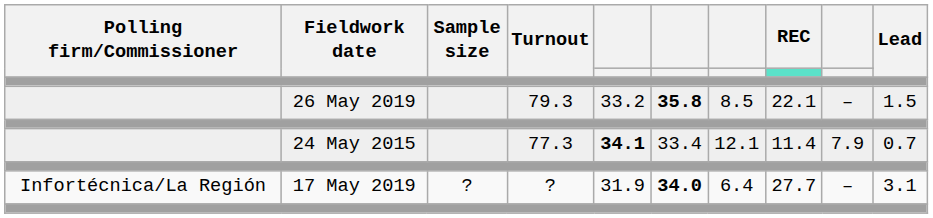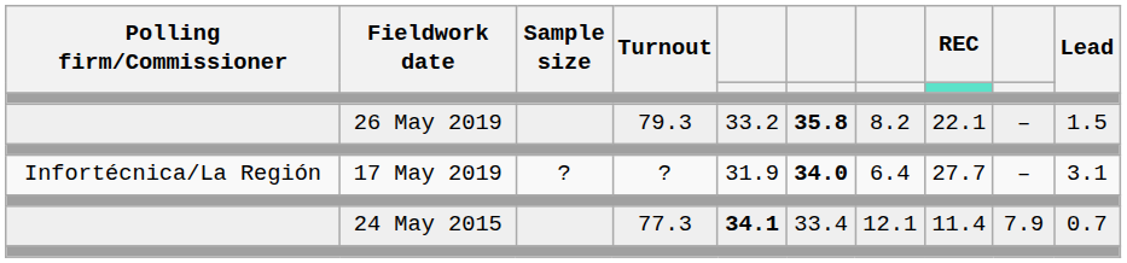 <table class="wikitable collapsible collapsed" style="text-align:center; font-size:95%; line-height:16px;">
 <tr style="height:42px;">
 <th style="width:250px;" rowspan="2">Polling firm/Commissioner</th>
 <th style="width:125px;" rowspan="2">Fieldwork date</th>
 <th style="width:50px;" rowspan="2">Sample size</th>
 <th style="width:45px;" rowspan="2">Turnout</th>
 <th style="width:35px;"></th>
 <th style="width:35px;"></th>
 <th style="width:35px;"></th>
 <th style="width:35px;">REC</th>
 <th style="width:35px;"></th>
 <th style="width:30px;" rowspan="2">Lead</th>
 </tr>
 <tr>
 <th style="color:inherit;background:"></th>
 <th style="color:inherit;background:"></th>
 <th style="color:inherit;background:"></th>
 <th style="color:inherit;background:#5BE2C9;"></th>
 <th style="color:inherit;background:"></th>
 </tr>
 <tr>
 <td colspan="10" style="background:#A0A0A0"></td>
 </tr>
 <tr style="background:#EFEFEF;">
 <td><strong></strong></td>
 <td>26 May 2019</td>
 <td></td>
 <td>79.3</td>
 <td>33.2<br></td>
 <td><strong>35.8</strong><br></td>
-<td>8.5<br></td>
+<td>8.2<br></td>
 <td>22.1<br></td>
 <td>–</td>
 <td style="background:">1.5</td>
+</tr>
+<tr>
+<td colspan="10" style="background:#A0A0A0"></td>
+</tr>
+<tr>
+<td>Infortécnica/La Región</td>
+<td>17 May 2019</td>
+<td>?</td>
+<td>?</td>
+<td>31.9<br></td>
+<td><strong>34.0</strong><br></td>
+<td>6.4<br></td>
+<td>27.7<br></td>
+<td>–</td>
+<td style="background:">3.1</td>
 </tr>
 <tr>
 <td colspan="10" style="background:#A0A0A0"></td>
 </tr>
 <tr style="background:#EFEFEF;">
 <td><strong></strong></td>
 <td>24 May 2015</td>
 <td></td>
 <td>77.3</td>
 <td><strong>34.1</strong><br></td>
 <td>33.4<br></td>
 <td>12.1<br></td>
 <td>11.4<br></td>
 <td>7.9<br></td>
 <td style="background:">0.7</td>
 </tr>
 <tr>
 <td colspan="10" style="background:#A0A0A0"></td>
 </tr>
-<tr>
-<td>Infortécnica/La Región</td>
-<td>17 May 2019</td>
-<td>?</td>
-<td>?</td>
-<td>31.9<br></td>
-<td><strong>34.0</strong><br></td>
-<td>6.4<br></td>
-<td>27.7<br></td>
-<td>–</td>
-<td style="background:">3.1</td>
-</tr>
-<tr>
-<td colspan="10" style="background:#A0A0A0"></td>
-</tr>
 </table>
